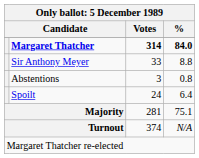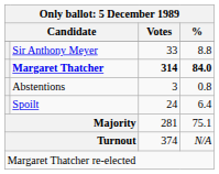 <table class="wikitable" style="font-size:95%;">
 <tr>
 <th colspan="4">Only ballot: 5 December 1989</th>
 </tr>
 <tr>
 <th colspan="2" style="width: 170px">Candidate</th>
 <th style="width: 50px">Votes</th>
 <th style="width: 40px">%</th>
 </tr>
 <tr>
 </tr>
 <tr>
 <th style="background-color: "></th>
+<td style="width: 170px"><a href='#'>Sir Anthony Meyer</a></td>
+<td align="right">33</td>
+<td align="right">8.8</td>
+</tr>
+<tr>
+<th style="background-color: "></th>
 <td style="width: 170px"><strong><a href='#'>Margaret Thatcher</a></strong></td>
 <td align="right"><strong>314</strong></td>
 <td align="right"><strong>84.0</strong></td>
-</tr>
-<tr>
-<th style="background-color: "></th>
-<td style="width: 170px"><a href='#'>Sir Anthony Meyer</a></td>
-<td align="right">33</td>
-<td align="right">8.8</td>
 </tr>
 <tr>
 <th style="background-color: "></th>
 <td style="width: 170px">Abstentions</td>
 <td align="right">3</td>
 <td align="right">0.8</td>
 </tr>
 <tr>
 <th style="background-color: "></th>
 <td style="width: 170px"><a href='#'>Spoilt</a></td>
 <td align="right">24</td>
 <td align="right">6.4</td>
 </tr>
 <tr>
 <th colspan="2" style="text-align:right">Majority</th>
 <td align="right">281</td>
 <td align="right">75.1</td>
 </tr>
 <tr>
 <th colspan="2" style="text-align:right">Turnout</th>
 <td align="right">374</td>
 <td align="right"><em>N/A</em></td>
 </tr>
 <tr>
 <td colspan="4">Margaret Thatcher re-elected</td>
 </tr>
 </table>
